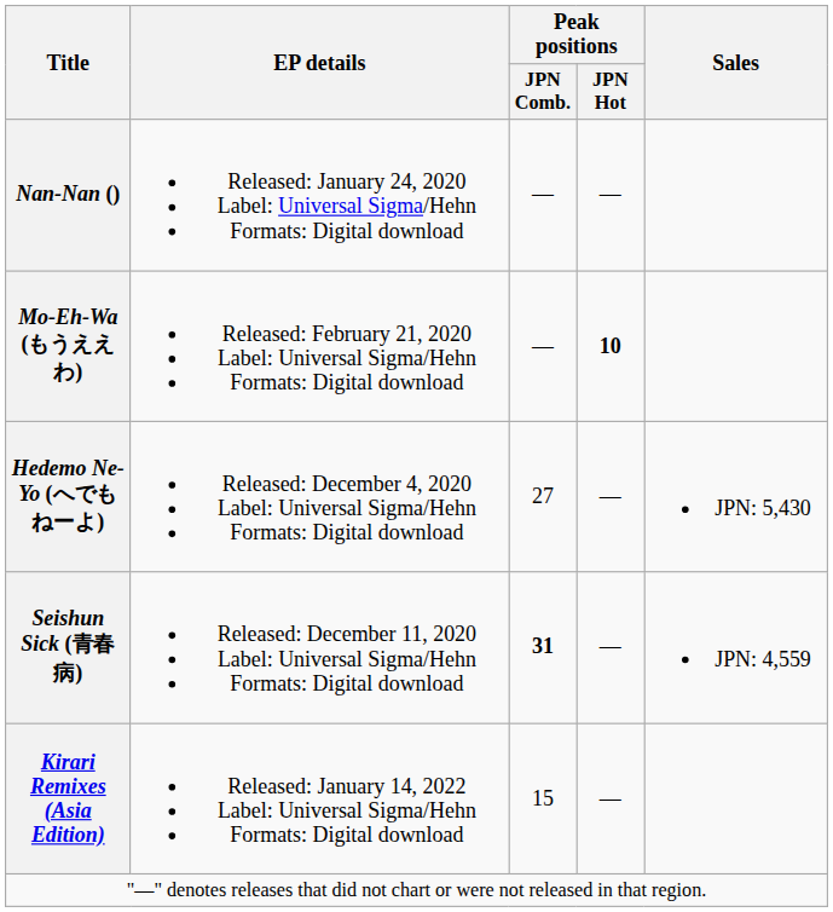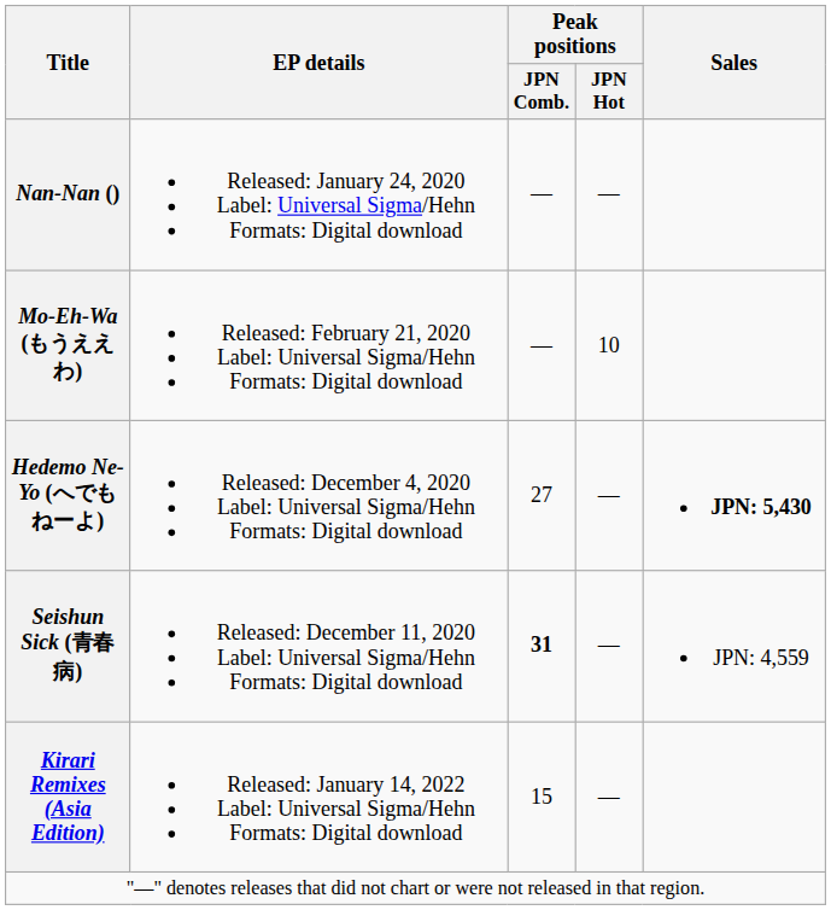 <table class="wikitable plainrowheaders" style="text-align:center;">
 <tr>
 <th rowspan="2">Title</th>
 <th style="width:17em;" rowspan="2">EP details</th>
 <th colspan="2">Peak positions</th>
 <th style="width:8em;" rowspan="2">Sales</th>
 </tr>
 <tr>
 <th scope="col" style="width:3em;font-size:90%;">JPN<br>Comb.<br></th>
 <th scope="col" style="width:3em;font-size:90%;">JPN Hot<br></th>
 </tr>
 <tr>
 <th scope="row"><em>Nan-Nan</em> ()</th>
 <td><br><ul><li>Released: January 24, 2020</li><li>Label: <a href='#'>Universal Sigma</a>/Hehn</li><li>Formats: Digital download</li></ul></td>
 <td>—</td>
 <td>—</td>
 <td></td>
 </tr>
 <tr>
 <th scope="row"><em>Mo-Eh-Wa</em> (もうええわ)</th>
 <td><br><ul><li>Released: February 21, 2020</li><li>Label: Universal Sigma/Hehn</li><li>Formats: Digital download</li></ul></td>
 <td>—</td>
-<td><strong>10</strong></td>
+<td>10</td>
 <td></td>
 </tr>
 <tr>
 <th scope="row"><em>Hedemo Ne-Yo</em> (へでもねーよ)</th>
 <td><br><ul><li>Released: December 4, 2020</li><li>Label: Universal Sigma/Hehn</li><li>Formats: Digital download</li></ul></td>
 <td>27</td>
 <td>—</td>
-<td><br><ul><li>JPN: 5,430</li></ul></td>
+<td><strong><br><ul><li>JPN: 5,430</li></ul></strong></td>
 </tr>
 <tr>
 <th scope="row"><em>Seishun Sick</em> (青春病)</th>
 <td><br><ul><li>Released: December 11, 2020</li><li>Label: Universal Sigma/Hehn</li><li>Formats: Digital download</li></ul></td>
 <td><strong>31</strong></td>
 <td>—</td>
 <td><br><ul><li>JPN: 4,559 </li></ul></td>
 </tr>
 <tr>
 <th scope="row"><em><a href='#'>Kirari Remixes (Asia Edition)</a></em></th>
 <td><br><ul><li>Released: January 14, 2022</li><li>Label: Universal Sigma/Hehn</li><li>Formats: Digital download</li></ul></td>
 <td>15</td>
 <td>—</td>
 <td></td>
 </tr>
 <tr>
 <td colspan="6" align="center" style="font-size:90%;">"—" denotes releases that did not chart or were not released in that region.</td>
 </tr>
 </table>
